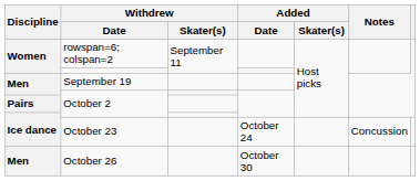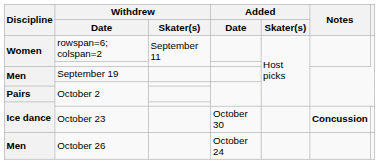 <table class="wikitable unsortable">
 <tr>
 <th scope="col" rowspan=2>Discipline</th>
 <th scope="col" colspan=2>Withdrew</th>
 <th scope="col" colspan=2>Added</th>
 <th scope="col" rowspan=2>Notes</th>
 <th scope="col" rowspan=2></th>
 </tr>
 <tr>
 <th>Date</th>
 <th>Skater(s)</th>
 <th>Date</th>
 <th>Skater(s)</th>
 </tr>
 <tr>
 <th scope="row" style="text-align:left" rowspan=2>Women</th>
 <td>rowspan=6; colspan=2 </td>
 <td rowspan=2>September 11</td>
 <td></td>
 <td rowspan=6>Host picks</td>
 <td rowspan=2></td>
 </tr>
 <tr>
 <td></td>
 </tr>
 <tr>
 <th scope="row" style="text-align:left" rowspan=2>Men</th>
 <td>September 19</td>
 <td></td>
 <td></td>
 </tr>
 <tr>
 <td rowspan=3>October 2</td>
 <td></td>
 <td rowspan=3></td>
 </tr>
 <tr>
 <th scope="row" style="text-align:left">Pairs</th>
 <td></td>
 </tr>
 <tr>
 <th scope="row" style="text-align:left" rowspan="2">Ice dance</th>
 <td></td>
 </tr>
 <tr>
 <td>October 23</td>
 <td></td>
-<td>October 24</td>
+<td>October 30</td>
 <td></td>
-<td>Concussion</td>
+<td><strong>Concussion</strong></td>
 <td></td>
 </tr>
 <tr>
 <th scope="row" style="text-align:left">Men</th>
 <td>October 26</td>
 <td></td>
-<td>October 30</td>
+<td>October 24</td>
 <td></td>
 <td></td>
 <td></td>
 </tr>
 </table>
